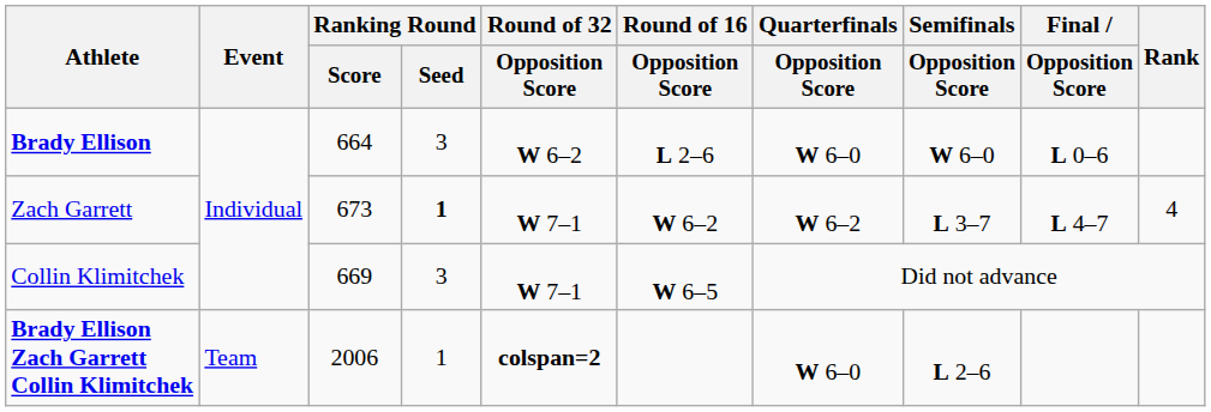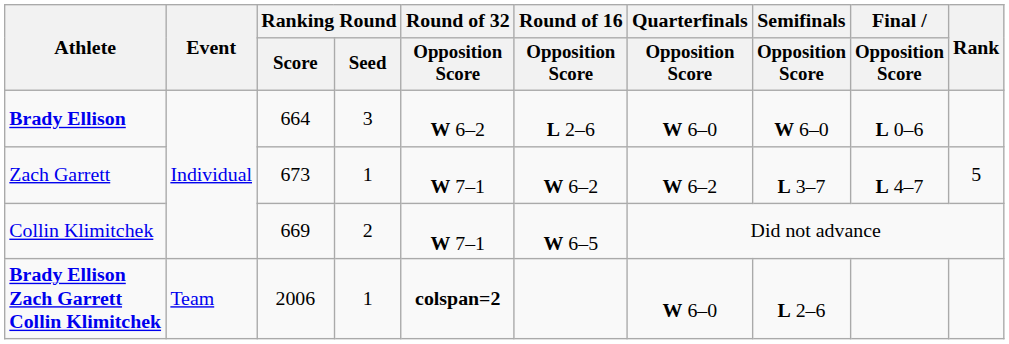 <table class="wikitable" style="font-size:90%">
 <tr>
 <th rowspan="2">Athlete</th>
 <th rowspan="2">Event</th>
 <th colspan="2">Ranking Round</th>
 <th>Round of 32</th>
 <th>Round of 16</th>
 <th>Quarterfinals</th>
 <th>Semifinals</th>
 <th>Final / </th>
 <th rowspan="2">Rank</th>
 </tr>
 <tr style="font-size:95%">
 <th>Score</th>
 <th>Seed</th>
 <th>Opposition<br>Score</th>
 <th>Opposition<br>Score</th>
 <th>Opposition<br>Score</th>
 <th>Opposition<br>Score</th>
 <th>Opposition<br>Score</th>
 </tr>
 <tr align=center>
 <td align=left><strong><a href='#'>Brady Ellison</a></strong></td>
 <td align=left rowspan=3><a href='#'>Individual</a></td>
 <td>664</td>
 <td>3</td>
 <td><br><strong>W</strong> 6–2</td>
 <td><br><strong>L</strong> 2–6</td>
 <td><br><strong>W</strong> 6–0</td>
 <td><br><strong>W</strong> 6–0</td>
 <td><br><strong>L</strong> 0–6</td>
 <td></td>
 </tr>
 <tr align=center>
 <td align=left><a href='#'>Zach Garrett</a></td>
 <td>673</td>
-<td><strong>1</strong></td>
+<td>1</td>
 <td><br><strong>W</strong> 7–1</td>
 <td><br><strong>W</strong> 6–2</td>
 <td><br><strong>W</strong> 6–2</td>
 <td><br><strong>L</strong> 3–7</td>
 <td><br><strong>L</strong> 4–7</td>
-<td>4</td>
+<td>5</td>
 </tr>
 <tr align=center>
 <td align=left><a href='#'>Collin Klimitchek</a></td>
 <td>669</td>
-<td>3</td>
+<td>2</td>
 <td><br><strong>W</strong> 7–1</td>
 <td><br><strong>W</strong> 6–5</td>
 <td colspan=4>Did not advance</td>
 </tr>
 <tr align=center>
 <td align=left><strong><a href='#'>Brady Ellison</a><br><a href='#'>Zach Garrett</a><br><a href='#'>Collin Klimitchek</a></strong></td>
 <td align=left><a href='#'>Team</a></td>
 <td>2006</td>
 <td>1</td>
 <td><strong>colspan=2 </strong></td>
 <td></td>
 <td><br><strong>W</strong> 6–0</td>
 <td><br><strong>L</strong> 2–6</td>
 <td></td>
 </tr>
 </table>
